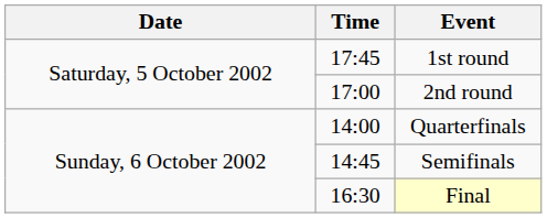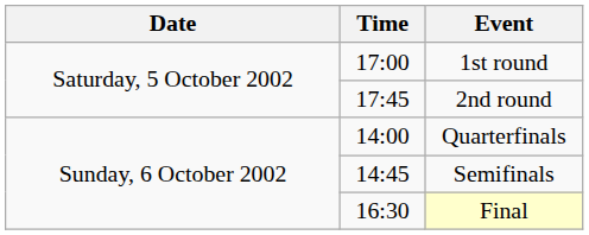 <table class = "wikitable" style="text-align:center;">
 <tr>
 <th width=220>Date</th>
 <th width=50>Time</th>
 <th width=100>Event</th>
 </tr>
 <tr>
 <td rowspan=2>Saturday, 5 October 2002</td>
-<td>17:45</td>
+<td>17:00</td>
 <td>1st round</td>
 </tr>
 <tr>
-<td>17:00</td>
+<td>17:45</td>
 <td>2nd round</td>
 </tr>
 <tr>
 <td rowspan=3>Sunday, 6 October 2002</td>
 <td>14:00</td>
 <td>Quarterfinals</td>
 </tr>
 <tr>
 <td>14:45</td>
 <td>Semifinals</td>
 </tr>
 <tr>
 <td>16:30</td>
 <td bgcolor=ffffcc>Final</td>
 </tr>
 </table>
